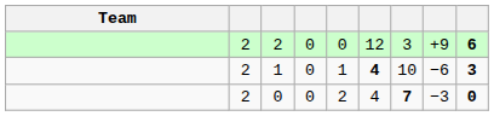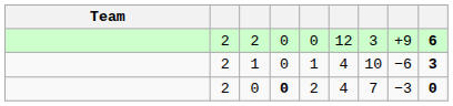 <table class="wikitable" style="text-align: center;">
 <tr>
 <th width="175">Team</th>
 <th width="20"></th>
 <th width="20"></th>
 <th width="20"></th>
 <th width="20"></th>
 <th width="20"></th>
 <th width="20"></th>
 <th width="20"></th>
 <th width="20"></th>
 </tr>
 <tr style="background-color: #ccffcc;">
 <td align=left></td>
 <td>2</td>
 <td>2</td>
 <td>0</td>
 <td>0</td>
 <td>12</td>
 <td>3</td>
 <td>+9</td>
 <td><strong>6</strong></td>
 </tr>
 <tr>
 <td align=left></td>
 <td>2</td>
 <td>1</td>
 <td>0</td>
 <td>1</td>
-<td><strong>4</strong></td>
+<td>4</td>
 <td>10</td>
 <td>−6</td>
 <td><strong>3</strong></td>
 </tr>
 <tr>
 <td align=left></td>
 <td>2</td>
 <td>0</td>
-<td>0</td>
+<td><strong>0</strong></td>
 <td>2</td>
 <td>4</td>
-<td><strong>7</strong></td>
+<td>7</td>
 <td>−3</td>
 <td><strong>0</strong></td>
 </tr>
 </table>
